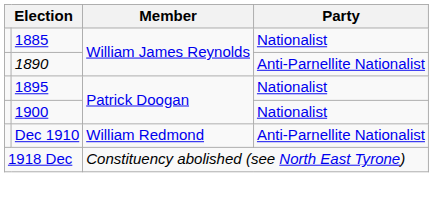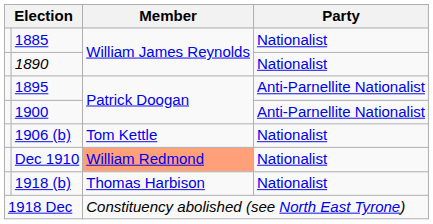 <table class="wikitable">
 <tr>
 <th colspan="2">Election</th>
 <th>Member</th>
 <th>Party</th>
 </tr>
 <tr>
 <td style="color:inherit;background-color: "></td>
 <td><a href='#'>1885</a></td>
 <td rowspan="2"><a href='#'>William James Reynolds</a></td>
 <td><a href='#'>Nationalist</a></td>
 </tr>
 <tr>
 <td style="color:inherit;background-color: "></td>
 <td><em>1890</em></td>
-<td><a href='#'>Anti-Parnellite Nationalist</a></td>
+<td><a href='#'>Nationalist</a></td>
 </tr>
 <tr>
 <td style="color:inherit;background-color: "></td>
 <td><a href='#'>1895</a></td>
 <td rowspan="2"><a href='#'>Patrick Doogan</a></td>
-<td><a href='#'>Nationalist</a></td>
+<td><a href='#'>Anti-Parnellite Nationalist</a></td>
 </tr>
 <tr>
 <td style="color:inherit;background-color: "></td>
 <td><a href='#'>1900</a></td>
+<td><a href='#'>Anti-Parnellite Nationalist</a></td>
+</tr>
+<tr>
+<td style="color:inherit;background-color: "></td>
+<td><a href='#'>1906 (b)</a></td>
+<td><a href='#'>Tom Kettle</a></td>
 <td><a href='#'>Nationalist</a></td>
 </tr>
 <tr>
 <td style="color:inherit;background-color: "></td>
 <td><a href='#'>Dec 1910</a></td>
-<td><a href='#'>William Redmond</a></td>
-<td><a href='#'>Anti-Parnellite Nationalist</a></td>
+<td style="background: lightsalmon;"><a href='#'>William Redmond</a></td>
+<td><a href='#'>Nationalist</a></td>
+</tr>
+<tr>
+<td style="color:inherit;background-color: "></td>
+<td><a href='#'>1918 (b)</a></td>
+<td><a href='#'>Thomas Harbison</a></td>
+<td><a href='#'>Nationalist</a></td>
 </tr>
 <tr>
 <td colspan="2"><a href='#'>1918 Dec</a></td>
 <td colspan="2"><em>Constituency abolished (see <a href='#'>North East Tyrone</a>)</em></td>
 </tr>
 </table>
